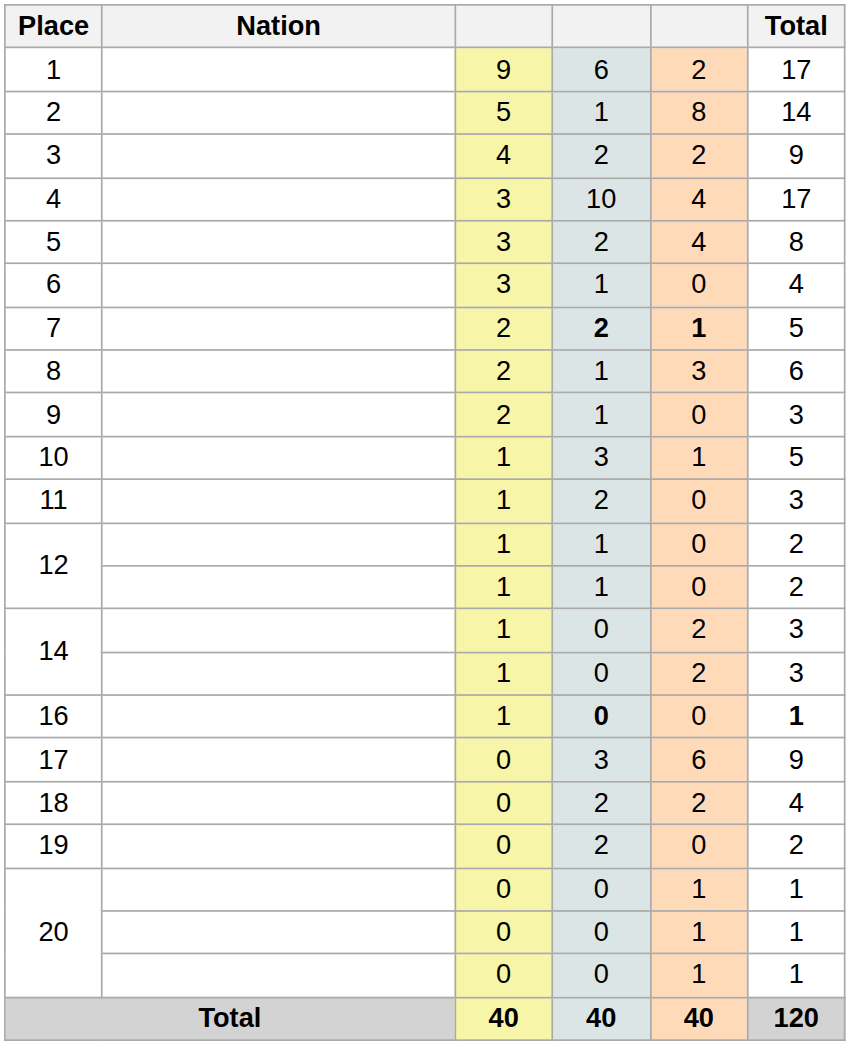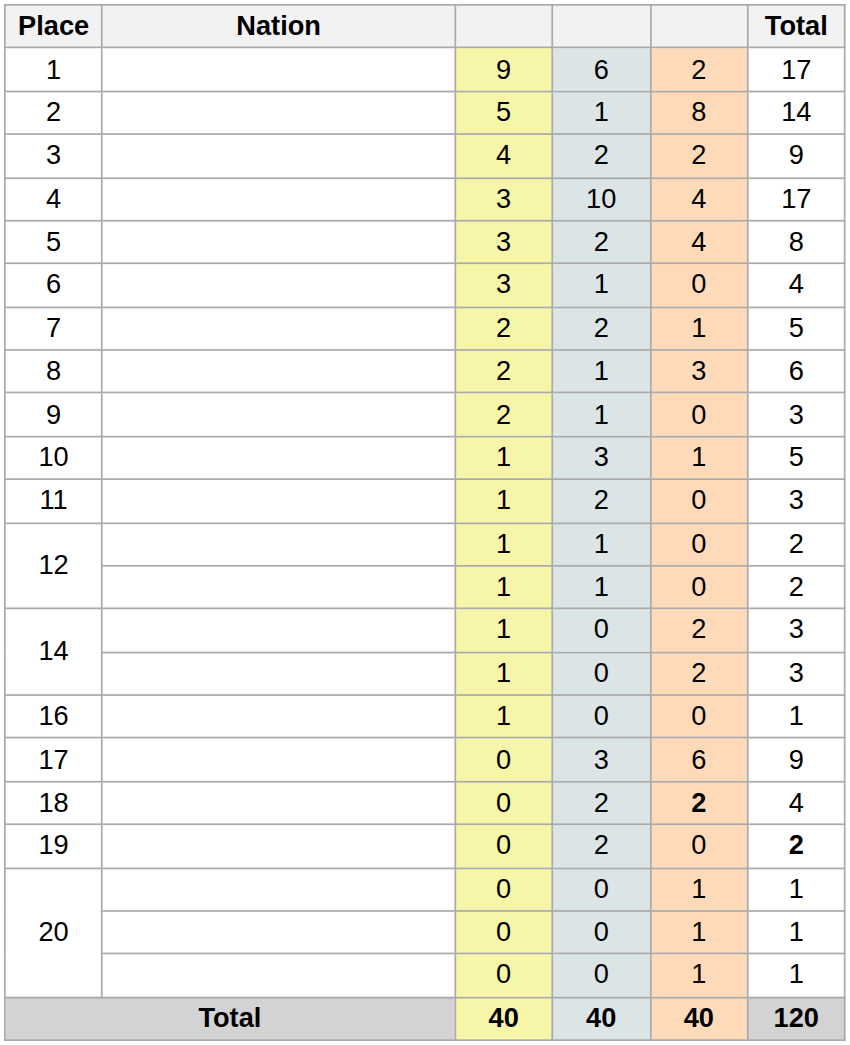 <table class="wikitable" style="border:1px solid #AAAAAA">
 <tr bgcolor="#EFEFEF">
 <th width=50>Place</th>
 <th width=200>Nation</th>
 <th width=50></th>
 <th width=50></th>
 <th width=50></th>
 <th width=50>Total</th>
 </tr>
 <tr align=center bgcolor="#FFFFFF">
 <td>1</td>
 <td align="left"></td>
 <td style="background:#F7F6A8;">9</td>
 <td style="background:#DCE5E5;">6</td>
 <td style="background:#FFDAB9;">2</td>
 <td>17</td>
 </tr>
 <tr align=center bgcolor=FFFFFF>
 <td>2</td>
 <td align=left></td>
 <td style="background:#F7F6A8;">5</td>
 <td style="background:#DCE5E5;">1</td>
 <td style="background:#FFDAB9;">8</td>
 <td>14</td>
 </tr>
 <tr align=center bgcolor=FFFFFF>
 <td>3</td>
 <td align=left></td>
 <td style="background:#F7F6A8;">4</td>
 <td style="background:#DCE5E5;">2</td>
 <td style="background:#FFDAB9;">2</td>
 <td>9</td>
 </tr>
 <tr align=center bgcolor=FFFFFF>
 <td>4</td>
 <td align=left></td>
 <td style="background:#F7F6A8;">3</td>
 <td style="background:#DCE5E5;">10</td>
 <td style="background:#FFDAB9;">4</td>
 <td>17</td>
 </tr>
 <tr align=center bgcolor=FFFFFF>
 <td>5</td>
 <td align=left></td>
 <td style="background:#F7F6A8;">3</td>
 <td style="background:#DCE5E5;">2</td>
 <td style="background:#FFDAB9;">4</td>
 <td>8</td>
 </tr>
 <tr align=center bgcolor=FFFFFF>
 <td>6</td>
 <td align=left></td>
 <td style="background:#F7F6A8;">3</td>
 <td style="background:#DCE5E5;">1</td>
 <td style="background:#FFDAB9;">0</td>
 <td>4</td>
 </tr>
 <tr align=center bgcolor=FFFFFF>
 <td>7</td>
 <td align=left></td>
 <td style="background:#F7F6A8;">2</td>
-<td style="background:#DCE5E5;"><strong>2</strong></td>
-<td style="background:#FFDAB9;"><strong>1</strong></td>
+<td style="background:#DCE5E5;">2</td>
+<td style="background:#FFDAB9;">1</td>
 <td>5</td>
 </tr>
 <tr align=center bgcolor=FFFFFF>
 <td>8</td>
 <td align=left></td>
 <td style="background:#F7F6A8;">2</td>
 <td style="background:#DCE5E5;">1</td>
 <td style="background:#FFDAB9;">3</td>
 <td>6</td>
 </tr>
 <tr align=center bgcolor=FFFFFF>
 <td>9</td>
 <td align=left></td>
 <td style="background:#F7F6A8;">2</td>
 <td style="background:#DCE5E5;">1</td>
 <td style="background:#FFDAB9;">0</td>
 <td>3</td>
 </tr>
 <tr align=center bgcolor=FFFFFF>
 <td>10</td>
 <td align=left></td>
 <td style="background:#F7F6A8;">1</td>
 <td style="background:#DCE5E5;">3</td>
 <td style="background:#FFDAB9;">1</td>
 <td>5</td>
 </tr>
 <tr align=center bgcolor=FFFFFF>
 <td>11</td>
 <td align=left></td>
 <td style="background:#F7F6A8;">1</td>
 <td style="background:#DCE5E5;">2</td>
 <td style="background:#FFDAB9;">0</td>
 <td>3</td>
 </tr>
 <tr align=center bgcolor=FFFFFF>
 <td rowspan=2>12</td>
 <td align=left></td>
 <td style="background:#F7F6A8;">1</td>
 <td style="background:#DCE5E5;">1</td>
 <td style="background:#FFDAB9;">0</td>
 <td>2</td>
 </tr>
 <tr align=center bgcolor=FFFFFF>
 <td align=left></td>
 <td style="background:#F7F6A8;">1</td>
 <td style="background:#DCE5E5;">1</td>
 <td style="background:#FFDAB9;">0</td>
 <td>2</td>
 </tr>
 <tr align=center bgcolor=FFFFFF>
 <td rowspan=2>14</td>
 <td align=left></td>
 <td style="background:#F7F6A8;">1</td>
 <td style="background:#DCE5E5;">0</td>
 <td style="background:#FFDAB9;">2</td>
 <td>3</td>
 </tr>
 <tr align=center bgcolor=FFFFFF>
 <td align=left></td>
 <td style="background:#F7F6A8;">1</td>
 <td style="background:#DCE5E5;">0</td>
 <td style="background:#FFDAB9;">2</td>
 <td>3</td>
 </tr>
 <tr align=center bgcolor="#FFFFFF">
 <td>16</td>
 <td align="left"></td>
 <td style="background:#F7F6A8;">1</td>
-<td style="background:#DCE5E5;"><strong>0</strong></td>
+<td style="background:#DCE5E5;">0</td>
 <td style="background:#FFDAB9;">0</td>
-<td><strong>1</strong></td>
+<td>1</td>
 </tr>
 <tr align=center bgcolor=FFFFFF>
 <td>17</td>
 <td align=left></td>
 <td style="background:#F7F6A8;">0</td>
 <td style="background:#DCE5E5;">3</td>
 <td style="background:#FFDAB9;">6</td>
 <td>9</td>
 </tr>
 <tr align=center bgcolor=FFFFFF>
 <td>18</td>
 <td align=left></td>
 <td style="background:#F7F6A8;">0</td>
 <td style="background:#DCE5E5;">2</td>
-<td style="background:#FFDAB9;">2</td>
+<td style="background:#FFDAB9;"><strong>2</strong></td>
 <td>4</td>
 </tr>
 <tr align=center bgcolor=FFFFFF>
 <td>19</td>
 <td align=left></td>
 <td style="background:#F7F6A8;">0</td>
 <td style="background:#DCE5E5;">2</td>
 <td style="background:#FFDAB9;">0</td>
-<td>2</td>
+<td><strong>2</strong></td>
 </tr>
 <tr align=center bgcolor=FFFFFF>
 <td rowspan=3>20</td>
 <td align=left></td>
 <td style="background:#F7F6A8;">0</td>
 <td style="background:#DCE5E5;">0</td>
 <td style="background:#FFDAB9;">1</td>
 <td>1</td>
 </tr>
 <tr align=center bgcolor=FFFFFF>
 <td align=left></td>
 <td style="background:#F7F6A8;">0</td>
 <td style="background:#DCE5E5;">0</td>
 <td style="background:#FFDAB9;">1</td>
 <td>1</td>
 </tr>
 <tr align=center bgcolor=FFFFFF>
 <td align=left></td>
 <td style="background:#F7F6A8;">0</td>
 <td style="background:#DCE5E5;">0</td>
 <td style="background:#FFDAB9;">1</td>
 <td>1</td>
 </tr>
 <tr align="center">
 <td colspan="2" bgcolor=D3D3D3><strong>Total</strong></td>
 <td style="background:#F7F6A8;"><strong>40</strong></td>
 <td style="background:#DCE5E5;"><strong>40</strong></td>
 <td style="background:#FFDAB9;"><strong>40</strong></td>
 <td bgcolor=D3D3D3><strong>120</strong></td>
 </tr>
 </table>
